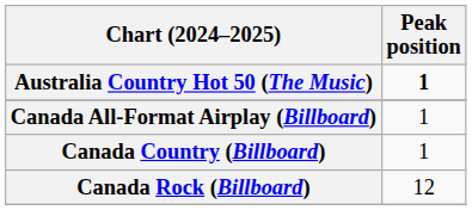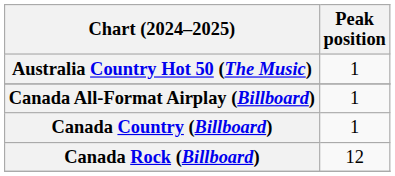 <table class="wikitable sortable plainrowheaders" style="text-align:center">
 <tr>
 <th scope="col">Chart (2024–2025)</th>
 <th scope="col">Peak<br>position</th>
 </tr>
 <tr>
 <th scope="row">Australia <a href='#'>Country Hot 50</a> (<em><a href='#'>The Music</a></em>)</th>
-<td><strong>1</strong></td>
+<td>1</td>
 </tr>
 <tr>
 </tr>
 <tr>
 <th scope="row">Canada All-Format Airplay (<em><a href='#'>Billboard</a></em>)</th>
 <td>1</td>
 </tr>
 <tr>
 <th scope="row">Canada <a href='#'>Country</a> (<em><a href='#'>Billboard</a></em>)</th>
 <td>1</td>
 </tr>
 <tr>
 <th scope="row">Canada <a href='#'>Rock</a> (<em><a href='#'>Billboard</a></em>)</th>
 <td>12</td>
 </tr>
 <tr>
 </tr>
 <tr>
 </tr>
 <tr>
 </tr>
 <tr>
 </tr>
 <tr>
 </tr>
 </table>
